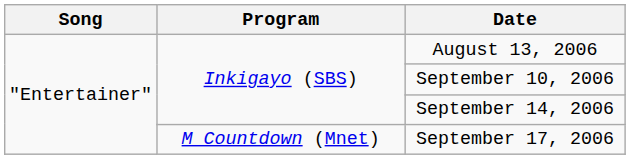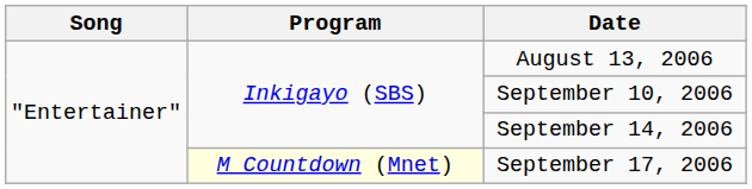 <table class="wikitable" style="text-align:center">
 <tr>
 <th>Song</th>
 <th width="170">Program</th>
 <th width="150">Date</th>
 </tr>
 <tr>
 <td rowspan="4">"Entertainer"</td>
 <td rowspan="3"><em><a href='#'>Inkigayo</a></em> (<a href='#'>SBS</a>)</td>
 <td>August 13, 2006</td>
 </tr>
 <tr>
 <td>September 10, 2006</td>
 </tr>
 <tr>
 <td>September 14, 2006</td>
 </tr>
 <tr>
-<td><em><a href='#'>M Countdown</a></em> (<a href='#'>Mnet</a>)</td>
+<td style="background: lightyellow;"><em><a href='#'>M Countdown</a></em> (<a href='#'>Mnet</a>)</td>
 <td>September 17, 2006</td>
 </tr>
 </table>
